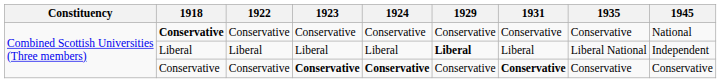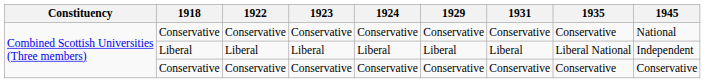 <table class="wikitable">
 <tr>
 <th>Constituency</th>
 <th>1918</th>
 <th>1922</th>
 <th>1923</th>
 <th>1924</th>
 <th>1929</th>
 <th>1931</th>
 <th>1935</th>
 <th>1945</th>
 </tr>
 <tr>
 <td rowspan="3"><a href='#'>Combined Scottish Universities</a><br><a href='#'>(Three members)</a></td>
-<td bgcolor=><strong>Conservative</strong></td>
+<td bgcolor=>Conservative</td>
 <td bgcolor=>Conservative</td>
 <td bgcolor=>Conservative</td>
 <td bgcolor=>Conservative</td>
 <td bgcolor=>Conservative</td>
 <td bgcolor=>Conservative</td>
 <td bgcolor=>Conservative</td>
 <td bgcolor=>National</td>
 </tr>
 <tr>
 <td bgcolor=>Liberal</td>
 <td bgcolor=>Liberal</td>
 <td bgcolor=>Liberal</td>
 <td bgcolor=>Liberal</td>
-<td bgcolor=><strong>Liberal</strong></td>
+<td bgcolor=>Liberal</td>
 <td bgcolor=>Liberal</td>
 <td bgcolor=>Liberal National</td>
 <td bgcolor=>Independent</td>
 </tr>
 <tr>
 <td bgcolor=>Conservative</td>
 <td bgcolor=>Conservative</td>
-<td bgcolor=><strong>Conservative</strong></td>
-<td bgcolor=><strong>Conservative</strong></td>
 <td bgcolor=>Conservative</td>
-<td bgcolor=><strong>Conservative</strong></td>
+<td bgcolor=>Conservative</td>
+<td bgcolor=>Conservative</td>
+<td bgcolor=>Conservative</td>
 <td bgcolor=>Conservative</td>
 <td bgcolor=>Conservative</td>
 </tr>
 </table>
